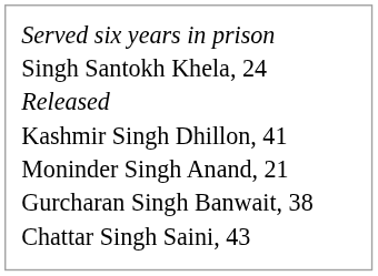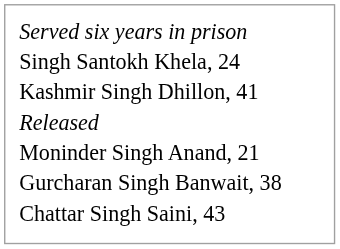 <table style="float:right; margin:1em 1em 1em 1em; width:15em; border: 1px solid #a0a0a0; padding: 7px; bg-color=yellow; text-align:left;">
 <tr>
 <td><em>Served six years in prison</em></td>
 </tr>
 <tr>
 <td>Singh Santokh Khela, 24</td>
 </tr>
 <tr>
-<td><em>Released</em></td>
+<td>Kashmir Singh Dhillon, 41</td>
 </tr>
 <tr>
-<td>Kashmir Singh Dhillon, 41</td>
+<td><em>Released</em></td>
 </tr>
 <tr>
 <td>Moninder Singh Anand, 21</td>
 </tr>
 <tr>
 <td>Gurcharan Singh Banwait, 38</td>
 </tr>
 <tr>
 <td>Chattar Singh Saini, 43</td>
 </tr>
 <tr>
 </tr>
 </table>
